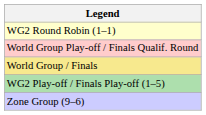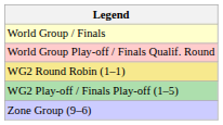 <table class="wikitable" style=font-size:90%>
 <tr>
 <th>Legend</th>
 </tr>
 <tr bgcolor=ffffcc>
-<td>WG2 Round Robin (1–1)</td>
+<td>World Group / Finals</td>
 </tr>
 <tr bgcolor="ffcccc">
 <td>World Group Play-off / Finals Qualif. Round</td>
 </tr>
 <tr bgcolor=f7e98e>
-<td>World Group / Finals</td>
+<td>WG2 Round Robin (1–1)</td>
 </tr>
 <tr bgcolor=addfad>
 <td>WG2 Play-off / Finals Play-off (1–5)</td>
 </tr>
 <tr bgcolor=#ccf>
 <td>Zone Group (9–6)</td>
 </tr>
 </table>
